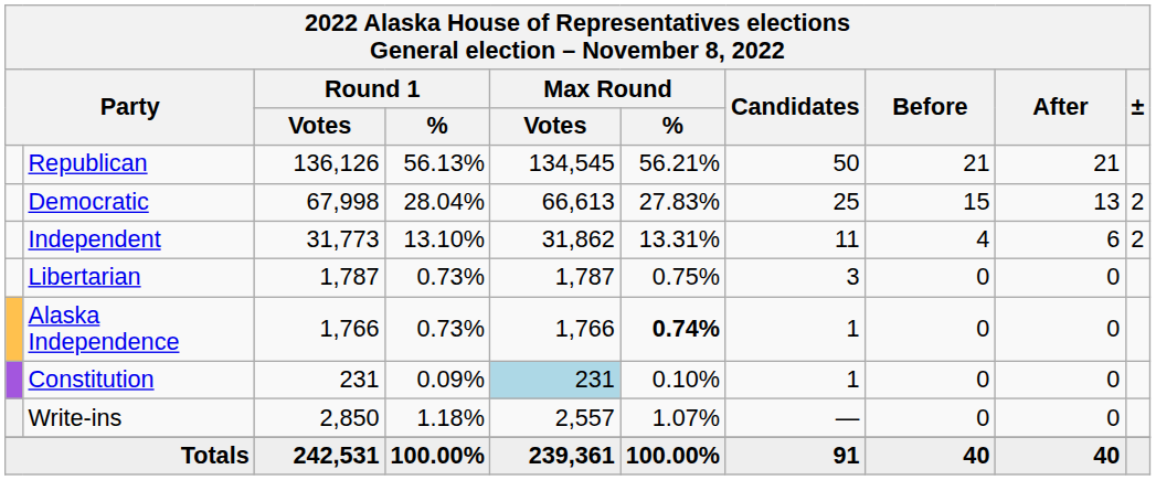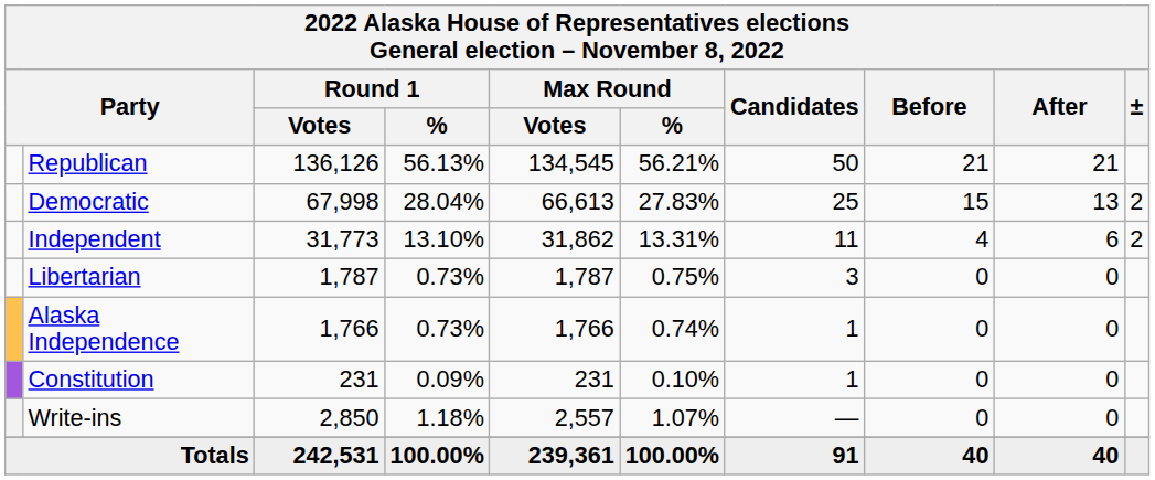 <table class="wikitable">
 <tr>
 <th colspan="12">2022 Alaska House of Representatives elections<br>General election – November 8, 2022</th>
 </tr>
 <tr bgcolor="#EEEEEE" align="center">
 <th colspan=2 rowspan=2 style="width: 10em">Party</th>
 <th colspan=2>Round 1</th>
 <th colspan=2>Max Round</th>
 <th rowspan=2 style="width: 5em">Candidates</th>
 <th rowspan=2 style="width: 5em">Before</th>
 <th rowspan=2 style="width: 5em">After</th>
 <th rowspan=2>±</th>
 </tr>
 <tr>
 <th style="width: 5em">Votes</th>
 <th style="width: 3em">%</th>
 <th style="width: 5em">Votes</th>
 <th style="width: 3em">%</th>
 </tr>
 <tr>
 <td style="background:"></td>
 <td style="width: 130px"><a href='#'>Republican</a></td>
 <td align="right">136,126</td>
 <td align="right">56.13%</td>
 <td align="right">134,545</td>
 <td align="right">56.21%</td>
 <td align="right">50</td>
 <td align="right">21</td>
 <td align="right">21</td>
 <td align="right"></td>
 </tr>
 <tr>
 <td style="background:"></td>
 <td style="width: 130px"><a href='#'>Democratic</a></td>
 <td align="right">67,998</td>
 <td align="right">28.04%</td>
 <td align="right">66,613</td>
 <td align="right">27.83%</td>
 <td align="right">25</td>
 <td align="right">15</td>
 <td align="right">13</td>
 <td align="right"> 2</td>
 </tr>
 <tr>
 <td style="background:"></td>
 <td style="width: 130px"><a href='#'>Independent</a></td>
 <td align="right">31,773</td>
 <td align="right">13.10%</td>
 <td align="right">31,862</td>
 <td align="right">13.31%</td>
 <td align="right">11</td>
 <td align="right">4</td>
 <td align="right">6</td>
 <td align="right"> 2</td>
 </tr>
 <tr>
 <td style="background:"></td>
 <td style="width: 130px"><a href='#'>Libertarian</a></td>
 <td align="right">1,787</td>
 <td align="right">0.73%</td>
 <td align="right">1,787</td>
 <td align="right">0.75%</td>
 <td align="right">3</td>
 <td align="right">0</td>
 <td align="right">0</td>
 <td align="right"></td>
 </tr>
 <tr>
 <td style="background:#FFC14E;"></td>
 <td style="width: 130px"><a href='#'>Alaska Independence</a></td>
 <td align="right">1,766</td>
 <td align="right">0.73%</td>
 <td align="right">1,766</td>
-<td align="right"><strong>0.74%</strong></td>
+<td align="right">0.74%</td>
 <td align="right">1</td>
 <td align="right">0</td>
 <td align="right">0</td>
 <td align="right"></td>
 </tr>
 <tr>
 <td style="background:#A356DE;"></td>
 <td style="width: 130px"><a href='#'>Constitution</a></td>
 <td align="right">231</td>
 <td align="right">0.09%</td>
-<td align="right" style="background: lightblue;">231</td>
+<td align="right">231</td>
 <td align="right">0.10%</td>
 <td align="right">1</td>
 <td align="right">0</td>
 <td align="right">0</td>
 <td align="right"></td>
 </tr>
 <tr>
 <th style="background-color:; width: 3px"></th>
 <td style="width: 130px">Write-ins</td>
 <td align="right">2,850</td>
 <td align="right">1.18%</td>
 <td align="right">2,557</td>
 <td align="right">1.07%</td>
 <td align="right">—</td>
 <td align="right">0</td>
 <td align="right">0</td>
 <td align="right"></td>
 </tr>
 <tr>
 </tr>
 <tr bgcolor="#EEEEEE">
 <td colspan="2" align="right"><strong>Totals</strong></td>
 <td align="right"><strong>242,531</strong></td>
 <td align="right"><strong>100.00%</strong></td>
 <td align="right"><strong>239,361</strong></td>
 <td align="right"><strong>100.00%</strong></td>
 <td align="right"><strong>91</strong></td>
 <td align="right"><strong>40</strong></td>
 <td align="right"><strong>40</strong></td>
 <td align="right"></td>
 </tr>
 </table>
